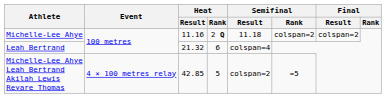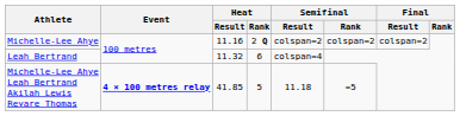 <table class="wikitable" style="font-size:90%">
 <tr>
 <th rowspan="2">Athlete</th>
 <th rowspan="2">Event</th>
 <th colspan="2">Heat</th>
 <th colspan="2">Semifinal</th>
 <th colspan="2">Final</th>
 </tr>
 <tr style="font-size:95%">
 <th>Result</th>
 <th>Rank</th>
 <th>Result</th>
 <th>Rank</th>
 <th>Result</th>
 <th>Rank</th>
 </tr>
 <tr style=text-align:center>
 <td style=text-align:left><a href='#'>Michelle-Lee Ahye</a></td>
 <td style=text-align:left rowspan=2><a href='#'>100 metres</a></td>
 <td>11.16 </td>
 <td>2 <strong>Q</strong></td>
-<td>11.18</td>
+<td>colspan=2 </td>
 <td>colspan=2 </td>
 <td>colspan=2 </td>
 </tr>
 <tr style=text-align:center>
 <td style=text-align:left><a href='#'>Leah Bertrand</a></td>
-<td>21.32</td>
+<td>11.32</td>
 <td>6</td>
 <td>colspan=4 </td>
 </tr>
 <tr style=text-align:center>
 <td style=text-align:left><a href='#'>Michelle-Lee Ahye</a><br><a href='#'>Leah Bertrand</a><br><a href='#'>Akilah Lewis</a><br><a href='#'>Reyare Thomas</a></td>
-<td style=text-align:left><a href='#'>4 × 100 metres relay</a></td>
-<td>42.85 </td>
+<td style=text-align:left><strong><a href='#'>4 × 100 metres relay</a></strong></td>
+<td>41.85 </td>
 <td>5</td>
-<td>colspan=2 </td>
+<td>11.18</td>
 <td>=5</td>
 </tr>
 </table>
